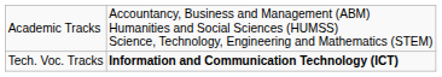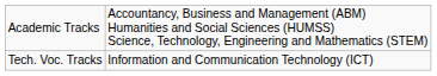 <table class="wikitable">
 <tr>
 <td>Academic Tracks</td>
 <td>Accountancy, Business and Management (ABM)<br>Humanities and Social Sciences (HUMSS)<br>Science, Technology, Engineering and Mathematics (STEM)</td>
 </tr>
 <tr>
 <td>Tech. Voc. Tracks</td>
-<td><strong>Information and Communication Technology (ICT)</strong></td>
+<td>Information and Communication Technology (ICT)</td>
 </tr>
 </table>
